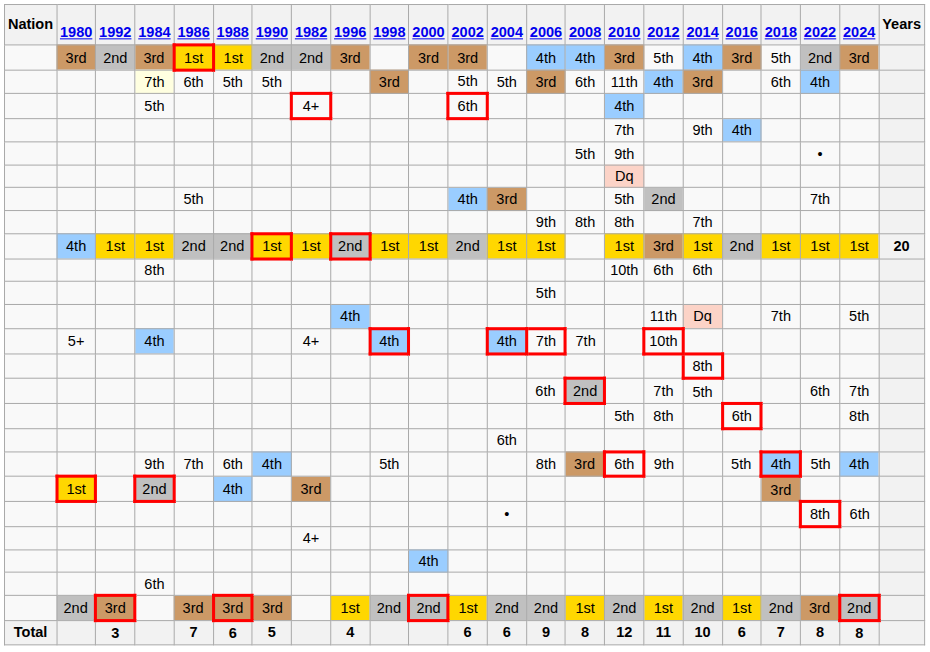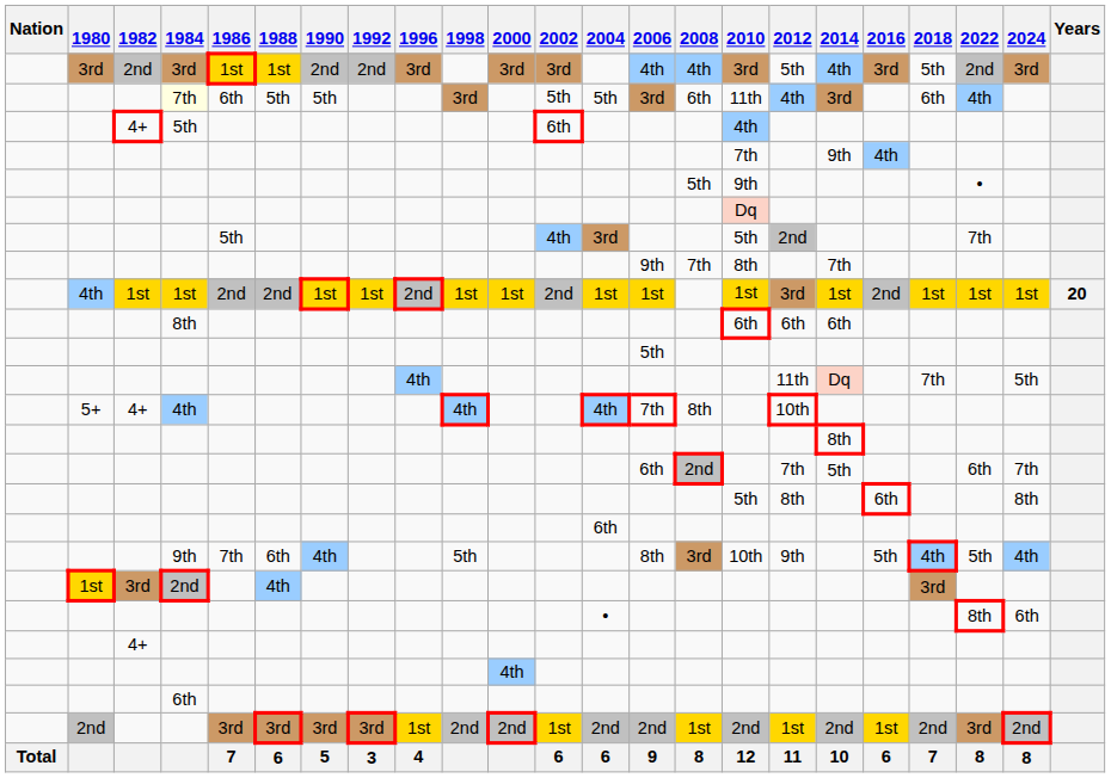 <table class="wikitable" style="text-align:center; font-size:90%">
 <tr>
 <th>Nation</th>
 <th><br><a href='#'>1980</a></th>
-<th><br><a href='#'>1992</a></th>
+<th><br><a href='#'>1982</a></th>
 <th><br><a href='#'>1984</a></th>
 <th><br><a href='#'>1986</a></th>
 <th><br><a href='#'>1988</a></th>
 <th><br><a href='#'>1990</a></th>
-<th><br><a href='#'>1982</a></th>
+<th><br><a href='#'>1992</a></th>
 <th><br><a href='#'>1996</a></th>
 <th><br><a href='#'>1998</a></th>
 <th><br><a href='#'>2000</a></th>
 <th><br><a href='#'>2002</a></th>
 <th><br><a href='#'>2004</a></th>
 <th><br><a href='#'>2006</a></th>
 <th><br><a href='#'>2008</a></th>
 <th><br><a href='#'>2010</a></th>
 <th><br><a href='#'>2012</a></th>
 <th><br><a href='#'>2014</a></th>
 <th><br><a href='#'>2016</a></th>
 <th><br><a href='#'>2018</a></th>
 <th><br><a href='#'>2022</a></th>
 <th><br><a href='#'>2024</a></th>
 <th>Years</th>
 </tr>
 <tr>
 <td align=left></td>
 <td bgcolor=cc9966>3rd</td>
 <td bgcolor=silver>2nd</td>
 <td bgcolor=cc9966>3rd</td>
 <td style="border:3px solid red" bgcolor=gold>1st</td>
 <td bgcolor=gold>1st</td>
 <td bgcolor=silver>2nd</td>
 <td bgcolor=silver>2nd</td>
 <td bgcolor=cc9966>3rd</td>
 <td></td>
 <td bgcolor=cc9966>3rd</td>
 <td bgcolor=cc9966>3rd</td>
 <td></td>
 <td bgcolor=9acdff>4th</td>
 <td bgcolor=9acdff>4th</td>
 <td bgcolor=cc9966>3rd</td>
 <td>5th</td>
 <td bgcolor=9acdff>4th</td>
 <td bgcolor=cc9966>3rd</td>
 <td>5th</td>
 <td bgcolor=silver>2nd</td>
 <td bgcolor=cc9966>3rd</td>
 <th></th>
 </tr>
 <tr>
 <td align=left></td>
 <td></td>
 <td></td>
 <td style="background: lightyellow;">7th</td>
 <td>6th</td>
 <td>5th</td>
 <td>5th</td>
 <td></td>
 <td></td>
 <td bgcolor=cc9966>3rd</td>
 <td></td>
 <td>5th</td>
 <td>5th</td>
 <td bgcolor=cc9966>3rd</td>
 <td>6th</td>
 <td>11th</td>
 <td bgcolor=9acdff>4th</td>
 <td bgcolor=cc9966>3rd</td>
 <td></td>
 <td>6th</td>
 <td bgcolor=9acdff>4th</td>
 <td></td>
 <th></th>
 </tr>
 <tr>
 <td align=left></td>
 <td></td>
-<td></td>
+<td style="border:3px solid red">4+</td>
 <td>5th</td>
 <td></td>
 <td></td>
 <td></td>
-<td style="border:3px solid red">4+</td>
+<td></td>
 <td></td>
 <td></td>
 <td></td>
 <td style="border:3px solid red">6th</td>
 <td></td>
 <td></td>
 <td></td>
 <td bgcolor=9acdff>4th</td>
 <td></td>
 <td></td>
 <td></td>
 <td></td>
 <td></td>
 <td></td>
 <th></th>
 </tr>
 <tr>
 <td align=left></td>
 <td></td>
 <td></td>
 <td></td>
 <td></td>
 <td></td>
 <td></td>
 <td></td>
 <td></td>
 <td></td>
 <td></td>
 <td></td>
 <td></td>
 <td></td>
 <td></td>
 <td>7th</td>
 <td></td>
 <td>9th</td>
 <td bgcolor=9acdff>4th</td>
 <td></td>
 <td></td>
 <td></td>
 <th></th>
 </tr>
 <tr>
 <td align=left></td>
 <td></td>
 <td></td>
 <td></td>
 <td></td>
 <td></td>
 <td></td>
 <td></td>
 <td></td>
 <td></td>
 <td></td>
 <td></td>
 <td></td>
 <td></td>
 <td>5th</td>
 <td>9th</td>
 <td></td>
 <td></td>
 <td></td>
 <td></td>
 <td>•</td>
 <td></td>
 <th></th>
 </tr>
 <tr>
 <td align=left></td>
 <td></td>
 <td></td>
 <td></td>
 <td></td>
 <td></td>
 <td></td>
 <td></td>
 <td></td>
 <td></td>
 <td></td>
 <td></td>
 <td></td>
 <td></td>
 <td></td>
 <td bgcolor=fcd3c7>Dq</td>
 <td></td>
 <td></td>
 <td></td>
 <td></td>
 <td></td>
 <td></td>
 <th></th>
 </tr>
 <tr>
 <td align=left></td>
 <td></td>
 <td></td>
 <td></td>
 <td>5th</td>
 <td></td>
 <td></td>
 <td></td>
 <td></td>
 <td></td>
 <td></td>
 <td bgcolor=9acdff>4th</td>
 <td bgcolor=cc9966>3rd</td>
 <td></td>
 <td></td>
 <td>5th</td>
 <td bgcolor=silver>2nd</td>
 <td></td>
 <td></td>
 <td></td>
 <td>7th</td>
 <td></td>
 <th></th>
 </tr>
 <tr>
 <td align=left></td>
 <td></td>
 <td></td>
 <td></td>
 <td></td>
 <td></td>
 <td></td>
 <td></td>
 <td></td>
 <td></td>
 <td></td>
 <td></td>
 <td></td>
 <td>9th</td>
-<td>8th</td>
+<td>7th</td>
 <td>8th</td>
 <td></td>
 <td>7th</td>
 <td></td>
 <td></td>
 <td></td>
 <td></td>
 <th></th>
 </tr>
 <tr>
 <td align=left></td>
 <td bgcolor=9acdff>4th</td>
 <td bgcolor=gold>1st</td>
 <td bgcolor=gold>1st</td>
 <td bgcolor=silver>2nd</td>
 <td bgcolor=silver>2nd</td>
 <td style="border:3px solid red" bgcolor=gold>1st</td>
 <td bgcolor=gold>1st</td>
 <td style="border:3px solid red" bgcolor=silver>2nd</td>
 <td bgcolor=gold>1st</td>
 <td bgcolor=gold>1st</td>
 <td bgcolor=silver>2nd</td>
 <td bgcolor=gold>1st</td>
 <td bgcolor=gold>1st</td>
 <td></td>
 <td bgcolor=gold>1st</td>
 <td bgcolor=cc9966>3rd</td>
 <td bgcolor=gold>1st</td>
 <td bgcolor=silver>2nd</td>
 <td bgcolor=gold>1st</td>
 <td bgcolor=gold>1st</td>
 <td bgcolor=gold>1st</td>
 <th>20</th>
 </tr>
 <tr>
 <td align=left></td>
 <td></td>
 <td></td>
 <td>8th</td>
 <td></td>
 <td></td>
 <td></td>
 <td></td>
 <td></td>
 <td></td>
 <td></td>
 <td></td>
 <td></td>
 <td></td>
 <td></td>
-<td>10th</td>
+<td style="border:3px solid red">6th</td>
 <td>6th</td>
 <td>6th</td>
 <td></td>
 <td></td>
 <td></td>
 <td></td>
 <th></th>
 </tr>
 <tr>
 <td align=left></td>
 <td></td>
 <td></td>
 <td></td>
 <td></td>
 <td></td>
 <td></td>
 <td></td>
 <td></td>
 <td></td>
 <td></td>
 <td></td>
 <td></td>
 <td>5th</td>
 <td></td>
 <td></td>
 <td></td>
 <td></td>
 <td></td>
 <td></td>
 <td></td>
 <td></td>
 <th></th>
 </tr>
 <tr>
 <td align=left></td>
 <td></td>
 <td></td>
 <td></td>
 <td></td>
 <td></td>
 <td></td>
 <td></td>
 <td bgcolor=9acdff>4th</td>
 <td></td>
 <td></td>
 <td></td>
 <td></td>
 <td></td>
 <td></td>
 <td></td>
 <td>11th</td>
 <td bgcolor=fcd3c7>Dq</td>
 <td></td>
 <td>7th</td>
 <td></td>
 <td>5th</td>
 <th></th>
 </tr>
 <tr>
 <td align=left></td>
 <td>5+</td>
-<td></td>
+<td>4+</td>
 <td bgcolor=9acdff>4th</td>
 <td></td>
 <td></td>
 <td></td>
-<td>4+</td>
+<td></td>
 <td></td>
 <td style="border:3px solid red" bgcolor=9acdff>4th</td>
 <td></td>
 <td></td>
 <td style="border:3px solid red" bgcolor=9acdff>4th</td>
 <td style="border:3px solid red">7th</td>
-<td>7th</td>
+<td>8th</td>
 <td></td>
 <td style="border:3px solid red">10th</td>
 <td></td>
 <td></td>
 <td></td>
 <td></td>
 <td></td>
 <th></th>
 </tr>
 <tr>
 <td align=left></td>
 <td></td>
 <td></td>
 <td></td>
 <td></td>
 <td></td>
 <td></td>
 <td></td>
 <td></td>
 <td></td>
 <td></td>
 <td></td>
 <td></td>
 <td></td>
 <td></td>
 <td></td>
 <td></td>
 <td style="border:3px solid red">8th</td>
 <td></td>
 <td></td>
 <td></td>
 <td></td>
 <th></th>
 </tr>
 <tr>
 <td align=left></td>
 <td></td>
 <td></td>
 <td></td>
 <td></td>
 <td></td>
 <td></td>
 <td></td>
 <td></td>
 <td></td>
 <td></td>
 <td></td>
 <td></td>
 <td>6th</td>
 <td style="border:3px solid red" bgcolor=silver>2nd</td>
 <td></td>
 <td>7th</td>
 <td>5th</td>
 <td></td>
 <td></td>
 <td>6th</td>
 <td>7th</td>
 <th></th>
 </tr>
 <tr>
 <td align=left></td>
 <td></td>
 <td></td>
 <td></td>
 <td></td>
 <td></td>
 <td></td>
 <td></td>
 <td></td>
 <td></td>
 <td></td>
 <td></td>
 <td></td>
 <td></td>
 <td></td>
 <td>5th</td>
 <td>8th</td>
 <td></td>
 <td style="border:3px solid red">6th</td>
 <td></td>
 <td></td>
 <td>8th</td>
 <th></th>
 </tr>
 <tr>
 <td align=left></td>
 <td></td>
 <td></td>
 <td></td>
 <td></td>
 <td></td>
 <td></td>
 <td></td>
 <td></td>
 <td></td>
 <td></td>
 <td></td>
 <td>6th</td>
 <td></td>
 <td></td>
 <td></td>
 <td></td>
 <td></td>
 <td></td>
 <td></td>
 <td></td>
 <td></td>
 <th></th>
 </tr>
 <tr>
 <td align=left></td>
 <td></td>
 <td></td>
 <td>9th</td>
 <td>7th</td>
 <td>6th</td>
 <td bgcolor=9acdff>4th</td>
 <td></td>
 <td></td>
 <td>5th</td>
 <td></td>
 <td></td>
 <td></td>
 <td>8th</td>
 <td bgcolor=#cc9966>3rd</td>
-<td style="border:3px solid red">6th</td>
+<td>10th</td>
 <td>9th</td>
 <td></td>
 <td>5th</td>
 <td style="border:3px solid red" bgcolor=9acdff>4th</td>
 <td>5th</td>
 <td bgcolor=9acdff>4th</td>
 <th></th>
 </tr>
 <tr>
 <td align=left></td>
 <td style="border:3px solid red" bgcolor=gold>1st</td>
-<td></td>
+<td bgcolor=cc9966>3rd</td>
 <td style="border:3px solid red" bgcolor=silver>2nd</td>
 <td></td>
 <td bgcolor=9acdff>4th</td>
 <td></td>
-<td bgcolor=cc9966>3rd</td>
+<td></td>
 <td></td>
 <td></td>
 <td></td>
 <td></td>
 <td></td>
 <td></td>
 <td></td>
 <td></td>
 <td></td>
 <td></td>
 <td></td>
 <td bgcolor=cc9966>3rd</td>
 <td></td>
 <td></td>
 <th></th>
 </tr>
 <tr>
 <td align=left></td>
 <td></td>
 <td></td>
 <td></td>
 <td></td>
 <td></td>
 <td></td>
 <td></td>
 <td></td>
 <td></td>
 <td></td>
 <td></td>
 <td>•</td>
 <td></td>
 <td></td>
 <td></td>
 <td></td>
 <td></td>
 <td></td>
 <td></td>
 <td style="border:3px solid red">8th</td>
 <td>6th</td>
 <th></th>
 </tr>
 <tr>
 <td align=left></td>
 <td></td>
+<td>4+</td>
 <td></td>
 <td></td>
 <td></td>
 <td></td>
 <td></td>
-<td>4+</td>
 <td></td>
 <td></td>
 <td></td>
 <td></td>
 <td></td>
 <td></td>
 <td></td>
 <td></td>
 <td></td>
 <td></td>
 <td></td>
 <td></td>
 <td></td>
 <td></td>
 <th></th>
 </tr>
 <tr>
 <td align=left></td>
 <td></td>
 <td></td>
 <td></td>
 <td></td>
 <td></td>
 <td></td>
 <td></td>
 <td></td>
 <td></td>
 <td bgcolor=9acdff>4th</td>
 <td></td>
 <td></td>
 <td></td>
 <td></td>
 <td></td>
 <td></td>
 <td></td>
 <td></td>
 <td></td>
 <td></td>
 <td></td>
 <th></th>
 </tr>
 <tr>
 <td align=left></td>
 <td></td>
 <td></td>
 <td>6th</td>
 <td></td>
 <td></td>
 <td></td>
 <td></td>
 <td></td>
 <td></td>
 <td></td>
 <td></td>
 <td></td>
 <td></td>
 <td></td>
 <td></td>
 <td></td>
 <td></td>
 <td></td>
 <td></td>
 <td></td>
 <td></td>
 <th></th>
 </tr>
 <tr>
 <td align=left></td>
 <td bgcolor=silver>2nd</td>
-<td style="border:3px solid red" bgcolor=cc9966>3rd</td>
+<td></td>
 <td></td>
 <td bgcolor=cc9966>3rd</td>
 <td style="border:3px solid red" bgcolor=cc9966>3rd</td>
 <td bgcolor=cc9966>3rd</td>
-<td></td>
+<td style="border:3px solid red" bgcolor=cc9966>3rd</td>
 <td bgcolor=gold>1st</td>
 <td bgcolor=silver>2nd</td>
 <td style="border:3px solid red" bgcolor=silver>2nd</td>
 <td bgcolor=gold>1st</td>
 <td bgcolor=silver>2nd</td>
 <td bgcolor=silver>2nd</td>
 <td bgcolor=gold>1st</td>
 <td bgcolor=silver>2nd</td>
 <td bgcolor=gold>1st</td>
 <td bgcolor=silver>2nd</td>
 <td bgcolor=gold>1st</td>
 <td bgcolor=silver>2nd</td>
 <td bgcolor=cc9966>3rd</td>
 <td style="border:3px solid red" bgcolor=silver>2nd</td>
 <th></th>
 </tr>
 <tr>
 <th>Total</th>
 <th></th>
-<th>3</th>
+<th></th>
 <th></th>
 <th>7</th>
 <th>6</th>
 <th>5</th>
-<th></th>
+<th>3</th>
 <th>4</th>
 <th></th>
 <th></th>
 <th>6</th>
 <th>6</th>
 <th>9</th>
 <th>8</th>
 <th>12</th>
 <th>11</th>
 <th>10</th>
 <th>6</th>
 <th>7</th>
 <th>8</th>
 <th>8</th>
 <th></th>
 </tr>
 </table>
